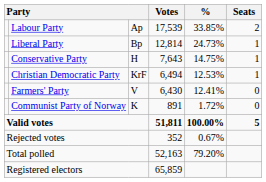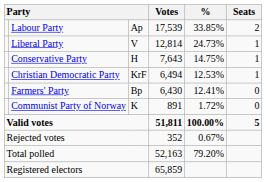 <table class="wikitable" border="1" style="text-align:right;">
 <tr>
 <th style="text-align:left;" colspan=3>Party</th>
 <th align=center width="50">Votes</th>
 <th align=center width="50">%</th>
 <th align=center width="50">Seats</th>
 </tr>
 <tr>
 <td style="color:inherit;background:"></td>
 <td align=left><a href='#'>Labour Party</a></td>
 <td align=left>Ap</td>
 <td>17,539</td>
 <td>33.85%</td>
 <td>2</td>
 </tr>
 <tr>
 <td style="color:inherit;background:"></td>
 <td align=left><a href='#'>Liberal Party</a></td>
-<td align=left>Bp</td>
+<td align=left>V</td>
 <td>12,814</td>
 <td>24.73%</td>
 <td>1</td>
 </tr>
 <tr>
 <td style="color:inherit;background:"></td>
 <td align=left><a href='#'>Conservative Party</a></td>
 <td align=left>H</td>
 <td>7,643</td>
 <td>14.75%</td>
 <td>1</td>
 </tr>
 <tr>
 <td style="color:inherit;background:"></td>
 <td align=left><a href='#'>Christian Democratic Party</a></td>
 <td align=left>KrF</td>
 <td>6,494</td>
 <td>12.53%</td>
 <td>1</td>
 </tr>
 <tr>
 <td style="color:inherit;background:"></td>
 <td align=left><a href='#'>Farmers' Party</a></td>
-<td align=left>V</td>
+<td align=left>Bp</td>
 <td>6,430</td>
 <td>12.41%</td>
 <td>0</td>
 </tr>
 <tr>
 <td style="color:inherit;background:"></td>
 <td align=left><a href='#'>Communist Party of Norway</a></td>
 <td align=left>K</td>
 <td>891</td>
 <td>1.72%</td>
 <td>0</td>
 </tr>
 <tr style="font-weight:bold">
 <td align=left colspan=3>Valid votes</td>
 <td>51,811</td>
 <td>100.00%</td>
 <td>5</td>
 </tr>
 <tr>
 <td align=left colspan=3>Rejected votes</td>
 <td>352</td>
 <td>0.67%</td>
 <td></td>
 </tr>
 <tr>
 <td align=left colspan=3>Total polled</td>
 <td>52,163</td>
 <td>79.20%</td>
 <td></td>
 </tr>
 <tr>
 <td align=left colspan=3>Registered electors</td>
 <td>65,859</td>
 <td></td>
 <td></td>
 </tr>
 </table>
